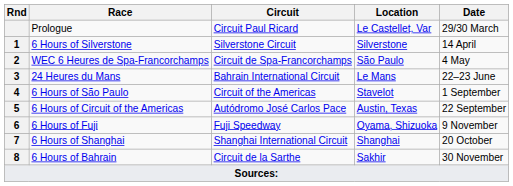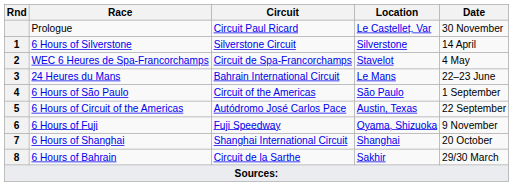 <table class="wikitable" style="font-size: 85%;">
 <tr>
 <th>Rnd</th>
 <th>Race</th>
 <th>Circuit</th>
 <th>Location</th>
 <th>Date</th>
 </tr>
 <tr>
 <th></th>
 <td>Prologue</td>
 <td><a href='#'>Circuit Paul Ricard</a></td>
 <td> <a href='#'>Le Castellet, Var</a></td>
-<td>29/30 March</td>
+<td>30 November</td>
 </tr>
 <tr>
 <th>1</th>
 <td><a href='#'>6 Hours of Silverstone</a></td>
 <td><a href='#'>Silverstone Circuit</a></td>
 <td> <a href='#'>Silverstone</a></td>
 <td>14 April</td>
 </tr>
 <tr>
 <th>2</th>
 <td><a href='#'>WEC 6 Heures de Spa-Francorchamps</a></td>
 <td><a href='#'>Circuit de Spa-Francorchamps</a></td>
-<td> <a href='#'>São Paulo</a></td>
+<td> <a href='#'>Stavelot</a></td>
 <td>4 May</td>
 </tr>
 <tr>
 <th>3</th>
 <td><a href='#'>24 Heures du Mans</a></td>
 <td><a href='#'>Bahrain International Circuit</a></td>
 <td> <a href='#'>Le Mans</a></td>
 <td>22–23 June</td>
 </tr>
 <tr>
 <th>4</th>
 <td><a href='#'>6 Hours of São Paulo</a></td>
 <td><a href='#'>Circuit of the Americas</a></td>
-<td> <a href='#'>Stavelot</a></td>
+<td> <a href='#'>São Paulo</a></td>
 <td>1 September</td>
 </tr>
 <tr>
 <th>5</th>
 <td><a href='#'>6 Hours of Circuit of the Americas</a></td>
 <td><a href='#'>Autódromo José Carlos Pace</a></td>
 <td> <a href='#'>Austin, Texas</a></td>
 <td>22 September</td>
 </tr>
 <tr>
 <th>6</th>
 <td><a href='#'>6 Hours of Fuji</a></td>
 <td><a href='#'>Fuji Speedway</a></td>
 <td> <a href='#'>Oyama, Shizuoka</a></td>
 <td>9 November</td>
 </tr>
 <tr>
 <th>7</th>
 <td><a href='#'>6 Hours of Shanghai</a></td>
 <td><a href='#'>Shanghai International Circuit</a></td>
 <td> <a href='#'>Shanghai</a></td>
 <td>20 October</td>
 </tr>
 <tr>
 <th>8</th>
 <td><a href='#'>6 Hours of Bahrain</a></td>
 <td><a href='#'>Circuit de la Sarthe</a></td>
 <td> <a href='#'>Sakhir</a></td>
-<td>30 November</td>
+<td>29/30 March</td>
 </tr>
 <tr class="sortbottom">
 <td colspan="5" style="background-color:#EAECF0;text-align:center"><strong>Sources:</strong></td>
 </tr>
 </table>
